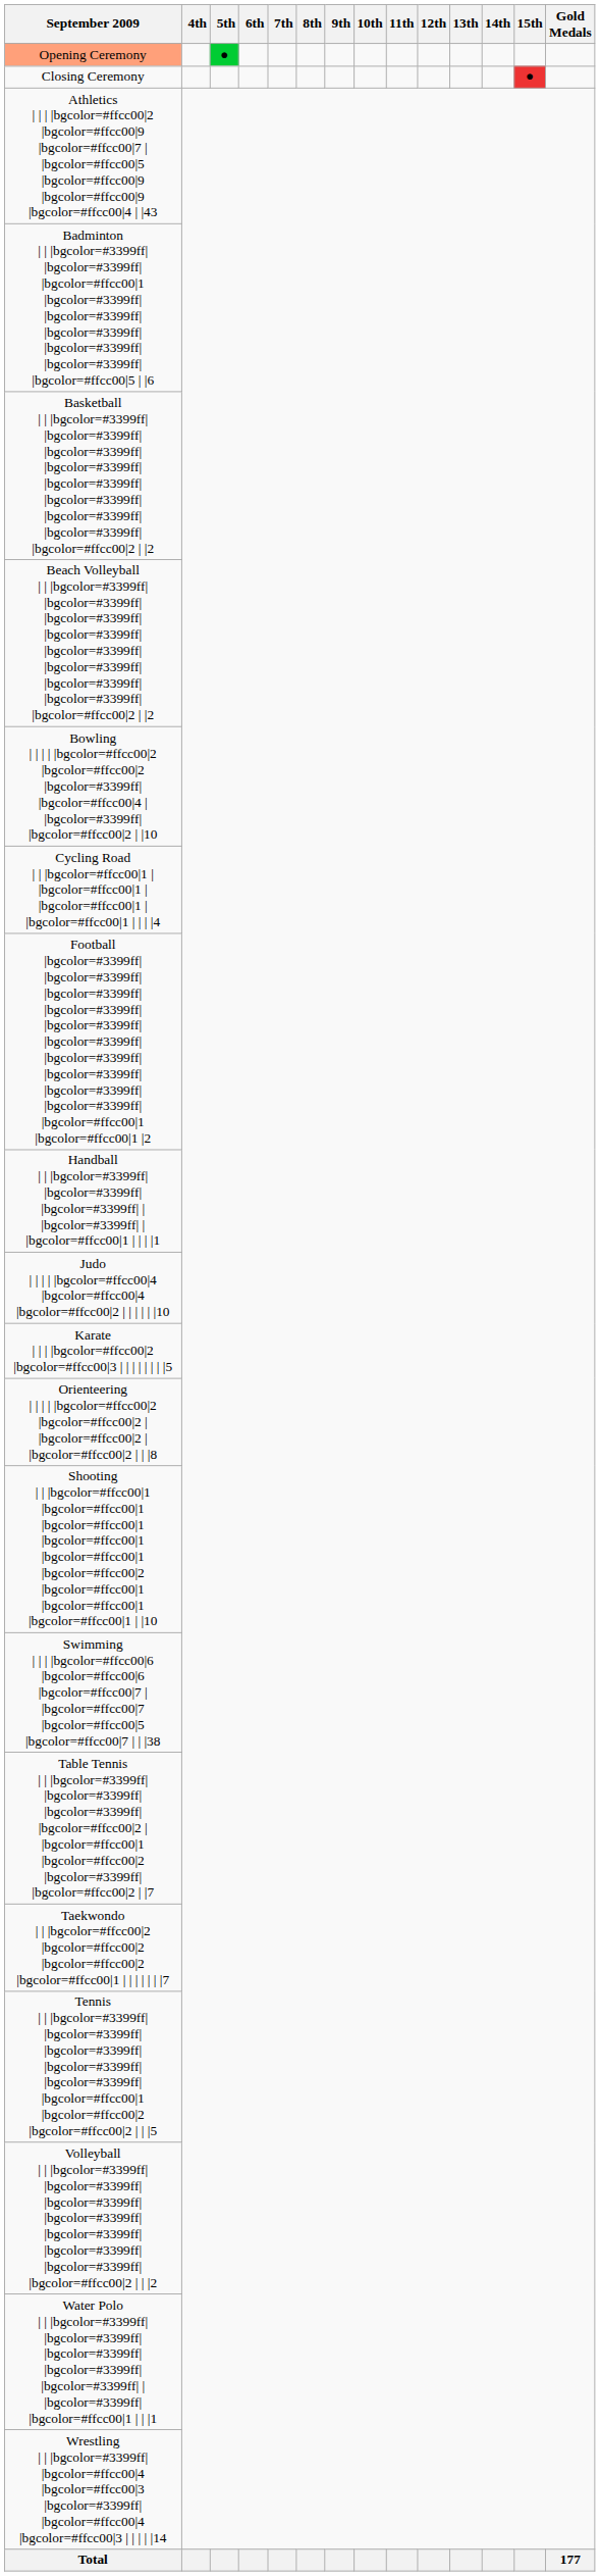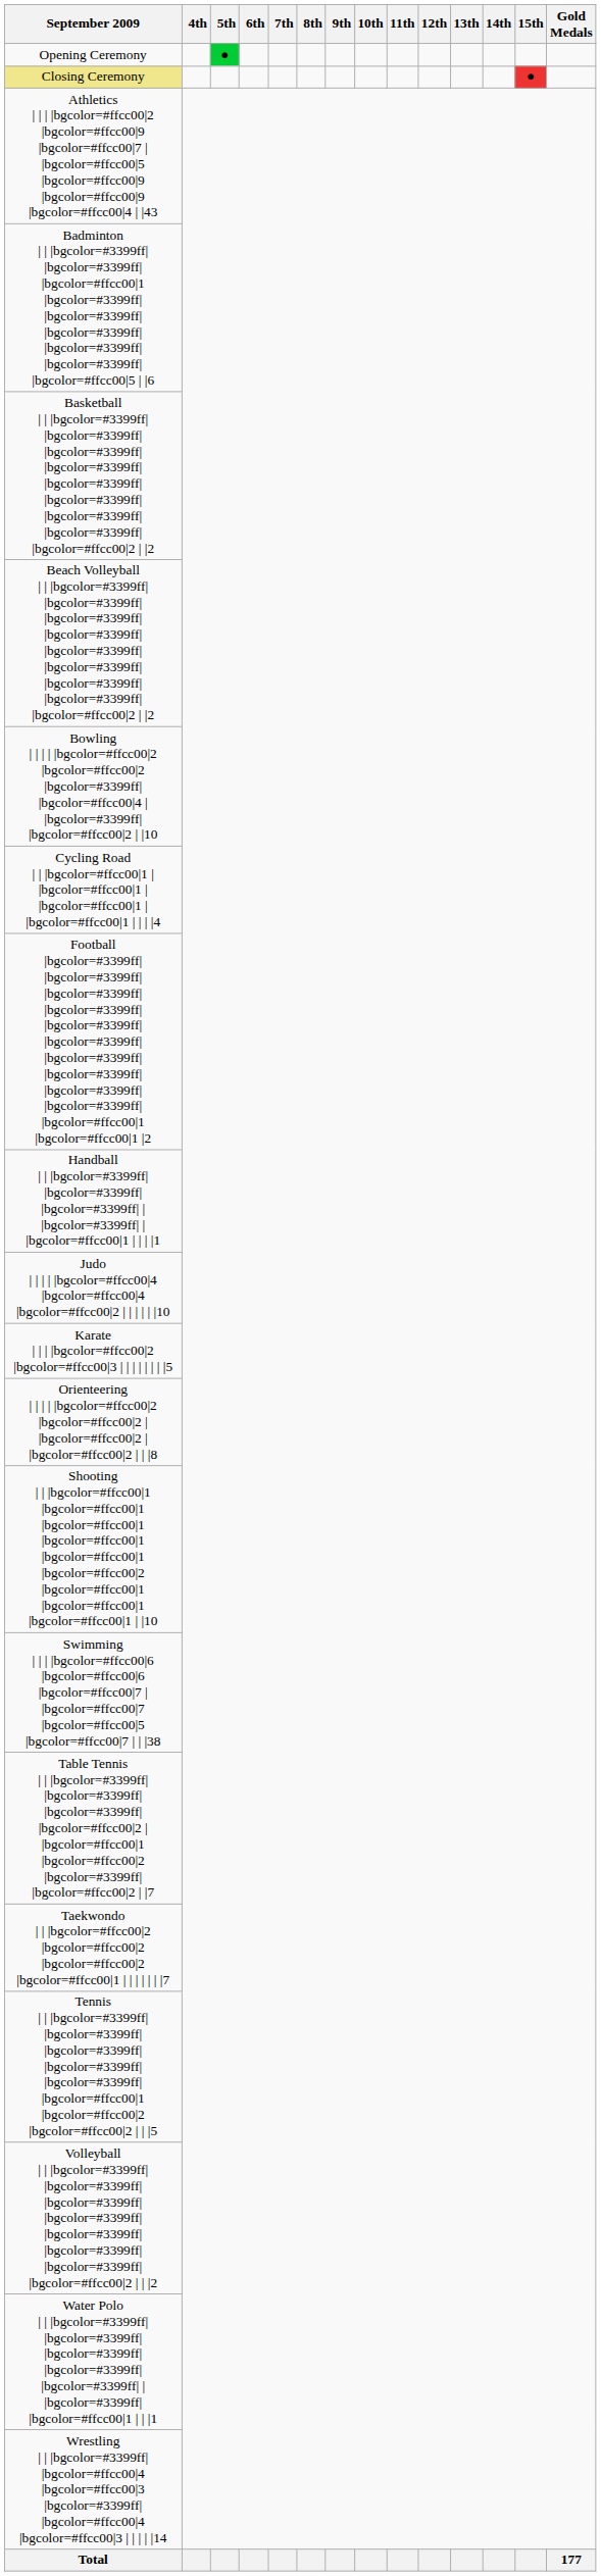 <table class="wikitable" style="margin:0.5em auto;font-size:90%;">
 <tr>
 <th>September 2009</th>
 <th> 4th</th>
 <th> 5th</th>
 <th> 6th</th>
 <th> 7th</th>
 <th> 8th</th>
 <th> 9th</th>
 <th>10th</th>
 <th>11th</th>
 <th>12th</th>
 <th>13th</th>
 <th>14th</th>
 <th>15th</th>
 <th>Gold<br>Medals</th>
 </tr>
 <tr align="center">
-<td style="background: lightsalmon;">Opening Ceremony</td>
+<td>Opening Ceremony</td>
 <td></td>
 <td bgcolor=#00cc33>●</td>
 <td></td>
 <td></td>
 <td></td>
 <td></td>
 <td></td>
 <td></td>
 <td></td>
 <td></td>
 <td></td>
 <td></td>
 <td></td>
 </tr>
 <tr align="center">
-<td>Closing Ceremony</td>
+<td style="background: khaki;">Closing Ceremony</td>
 <td></td>
 <td></td>
 <td></td>
 <td></td>
 <td></td>
 <td></td>
 <td></td>
 <td></td>
 <td></td>
 <td></td>
 <td></td>
 <td bgcolor=#ee3333>●</td>
 <td></td>
 </tr>
 <tr align="center">
 <td>Athletics<br>| | | |bgcolor=#ffcc00|2 |bgcolor=#ffcc00|9 |bgcolor=#ffcc00|7 | |bgcolor=#ffcc00|5 |bgcolor=#ffcc00|9 |bgcolor=#ffcc00|9 |bgcolor=#ffcc00|4 | |43</td>
 </tr>
 <tr align="center">
 <td>Badminton<br>| | |bgcolor=#3399ff| |bgcolor=#3399ff| |bgcolor=#ffcc00|1 |bgcolor=#3399ff| |bgcolor=#3399ff| |bgcolor=#3399ff| |bgcolor=#3399ff| |bgcolor=#3399ff| |bgcolor=#ffcc00|5 | |6</td>
 </tr>
 <tr align="center">
 <td>Basketball<br>| | |bgcolor=#3399ff| |bgcolor=#3399ff| |bgcolor=#3399ff| |bgcolor=#3399ff| |bgcolor=#3399ff| |bgcolor=#3399ff| |bgcolor=#3399ff| |bgcolor=#3399ff| |bgcolor=#ffcc00|2 | |2</td>
 </tr>
 <tr align="center">
 <td>Beach Volleyball<br>| | |bgcolor=#3399ff| |bgcolor=#3399ff| |bgcolor=#3399ff| |bgcolor=#3399ff| |bgcolor=#3399ff| |bgcolor=#3399ff| |bgcolor=#3399ff| |bgcolor=#3399ff| |bgcolor=#ffcc00|2 | |2</td>
 </tr>
 <tr align="center">
 <td>Bowling<br>| | | | |bgcolor=#ffcc00|2 |bgcolor=#ffcc00|2 |bgcolor=#3399ff| |bgcolor=#ffcc00|4 | |bgcolor=#3399ff| |bgcolor=#ffcc00|2 | |10</td>
 </tr>
 <tr align="center">
 <td>Cycling Road<br>| | |bgcolor=#ffcc00|1 | |bgcolor=#ffcc00|1 | |bgcolor=#ffcc00|1 | |bgcolor=#ffcc00|1 | | | |4</td>
 </tr>
 <tr align="center">
 <td>Football<br>|bgcolor=#3399ff| |bgcolor=#3399ff| |bgcolor=#3399ff| |bgcolor=#3399ff| |bgcolor=#3399ff| |bgcolor=#3399ff| |bgcolor=#3399ff| |bgcolor=#3399ff| |bgcolor=#3399ff| |bgcolor=#3399ff| |bgcolor=#ffcc00|1 |bgcolor=#ffcc00|1 |2</td>
 </tr>
 <tr align="center">
 <td>Handball<br>| | |bgcolor=#3399ff| |bgcolor=#3399ff| |bgcolor=#3399ff| | |bgcolor=#3399ff| | |bgcolor=#ffcc00|1 | | | |1</td>
 </tr>
 <tr align="center">
 <td>Judo<br>| | | | |bgcolor=#ffcc00|4 |bgcolor=#ffcc00|4 |bgcolor=#ffcc00|2 | | | | | |10</td>
 </tr>
 <tr align="center">
 <td>Karate<br>| | | |bgcolor=#ffcc00|2 |bgcolor=#ffcc00|3 | | | | | | | |5</td>
 </tr>
 <tr align="center">
 <td>Orienteering<br>| | | | |bgcolor=#ffcc00|2 |bgcolor=#ffcc00|2 | |bgcolor=#ffcc00|2 | |bgcolor=#ffcc00|2 | | |8</td>
 </tr>
 <tr align="center">
 <td>Shooting<br>| | |bgcolor=#ffcc00|1 |bgcolor=#ffcc00|1 |bgcolor=#ffcc00|1 |bgcolor=#ffcc00|1 |bgcolor=#ffcc00|1 |bgcolor=#ffcc00|2 |bgcolor=#ffcc00|1 |bgcolor=#ffcc00|1 |bgcolor=#ffcc00|1 | |10</td>
 </tr>
 <tr align="center">
 <td>Swimming<br>| | | |bgcolor=#ffcc00|6 |bgcolor=#ffcc00|6 |bgcolor=#ffcc00|7 | |bgcolor=#ffcc00|7 |bgcolor=#ffcc00|5 |bgcolor=#ffcc00|7 | | |38</td>
 </tr>
 <tr align="center">
 <td>Table Tennis<br>| | |bgcolor=#3399ff| |bgcolor=#3399ff| |bgcolor=#3399ff| |bgcolor=#ffcc00|2 | |bgcolor=#ffcc00|1 |bgcolor=#ffcc00|2 |bgcolor=#3399ff| |bgcolor=#ffcc00|2 | |7</td>
 </tr>
 <tr align="center">
 <td>Taekwondo<br>| | |bgcolor=#ffcc00|2 |bgcolor=#ffcc00|2 |bgcolor=#ffcc00|2 |bgcolor=#ffcc00|1 | | | | | | |7</td>
 </tr>
 <tr align="center">
 <td>Tennis<br>| | |bgcolor=#3399ff| |bgcolor=#3399ff| |bgcolor=#3399ff| |bgcolor=#3399ff| |bgcolor=#3399ff| |bgcolor=#ffcc00|1 |bgcolor=#ffcc00|2 |bgcolor=#ffcc00|2 | | |5</td>
 </tr>
 <tr align="center">
 <td>Volleyball<br>| | |bgcolor=#3399ff| |bgcolor=#3399ff| |bgcolor=#3399ff| |bgcolor=#3399ff| |bgcolor=#3399ff| |bgcolor=#3399ff| |bgcolor=#3399ff| |bgcolor=#ffcc00|2 | | |2</td>
 </tr>
 <tr align="center">
 <td>Water Polo<br>| | |bgcolor=#3399ff| |bgcolor=#3399ff| |bgcolor=#3399ff| |bgcolor=#3399ff| |bgcolor=#3399ff| | |bgcolor=#3399ff| |bgcolor=#ffcc00|1 | | |1</td>
 </tr>
 <tr align="center">
 <td>Wrestling<br>| | |bgcolor=#3399ff| |bgcolor=#ffcc00|4 |bgcolor=#ffcc00|3 |bgcolor=#3399ff| |bgcolor=#ffcc00|4 |bgcolor=#ffcc00|3 | | | | |14</td>
 </tr>
 <tr align="center">
 <th><strong>Total</strong></th>
 <th></th>
 <th></th>
 <th></th>
 <th></th>
 <th></th>
 <th></th>
 <th></th>
 <th></th>
 <th></th>
 <th></th>
 <th></th>
 <th></th>
 <th>177</th>
 </tr>
 </table>
